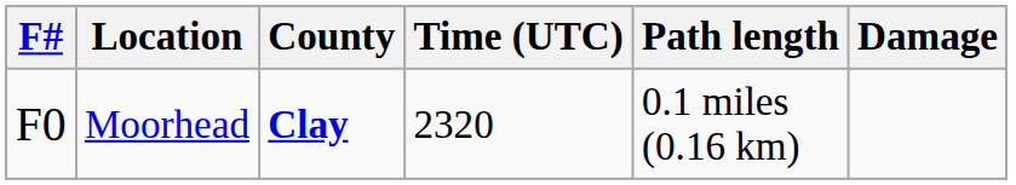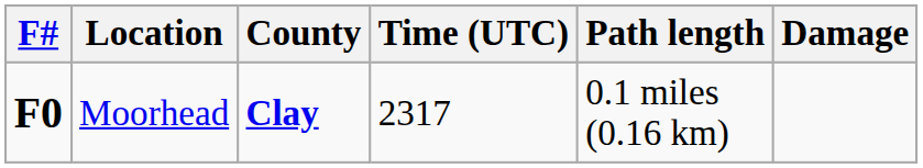 <table class="wikitable">
 <tr>
 <th scope="col"><strong><a href='#'>F#</a></strong></th>
 <th scope="col"><strong>Location</strong></th>
 <th scope="col"><strong>County</strong></th>
 <th scope="col"><strong>Time (UTC)</strong></th>
 <th scope="col"><strong>Path length</strong></th>
 <th scope="col"><strong>Damage</strong></th>
 </tr>
 <tr>
-<td><big>F0</big></td>
+<td><strong><big>F0</big></strong></td>
 <td><a href='#'>Moorhead</a></td>
 <td><strong><a href='#'>Clay</a></strong></td>
-<td>2320</td>
+<td>2317</td>
 <td>0.1 miles <br>(0.16 km)</td>
 </tr>
 </table>
